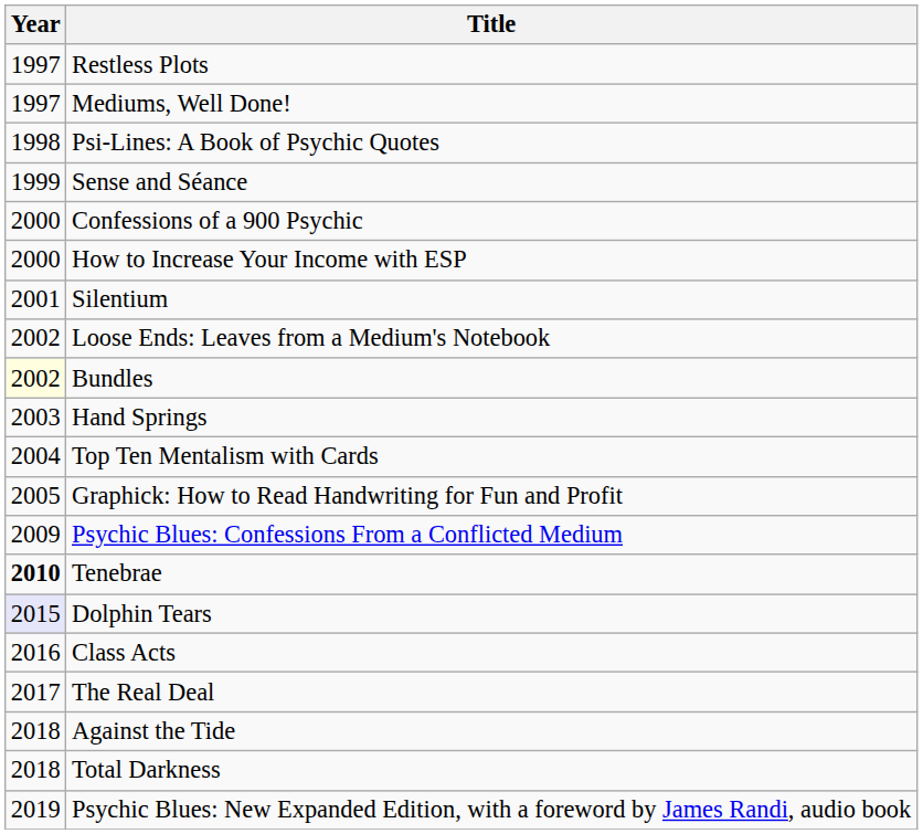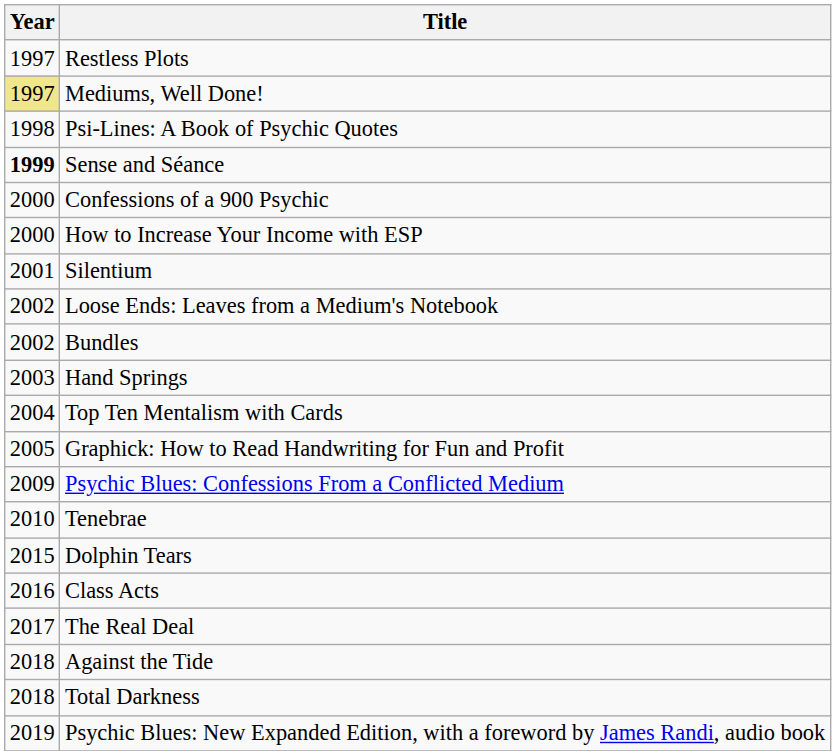 <table class="wikitable">
 <tr>
 <th>Year</th>
 <th>Title</th>
 </tr>
 <tr>
 <td>1997</td>
 <td>Restless Plots</td>
 </tr>
 <tr>
-<td>1997</td>
+<td style="background: khaki;">1997</td>
 <td>Mediums, Well Done!</td>
 </tr>
 <tr>
 <td>1998</td>
 <td>Psi-Lines: A Book of Psychic Quotes</td>
 </tr>
 <tr>
-<td>1999</td>
+<td><strong>1999</strong></td>
 <td>Sense and Séance</td>
 </tr>
 <tr>
 <td>2000</td>
 <td>Confessions of a 900 Psychic</td>
 </tr>
 <tr>
 <td>2000</td>
 <td>How to Increase Your Income with ESP</td>
 </tr>
 <tr>
 <td>2001</td>
 <td>Silentium</td>
 </tr>
 <tr>
 <td>2002</td>
 <td>Loose Ends: Leaves from a Medium's Notebook</td>
 </tr>
 <tr>
-<td style="background: lightyellow;">2002</td>
+<td>2002</td>
 <td>Bundles</td>
 </tr>
 <tr>
 <td>2003</td>
 <td>Hand Springs</td>
 </tr>
 <tr>
 <td>2004</td>
 <td>Top Ten Mentalism with Cards</td>
 </tr>
 <tr>
 <td>2005</td>
 <td>Graphick: How to Read Handwriting for Fun and Profit</td>
 </tr>
 <tr>
 <td>2009</td>
 <td><a href='#'>Psychic Blues: Confessions From a Conflicted Medium</a></td>
 </tr>
 <tr>
-<td><strong>2010</strong></td>
+<td>2010</td>
 <td>Tenebrae</td>
 </tr>
 <tr>
-<td style="background: lavender;">2015</td>
+<td>2015</td>
 <td>Dolphin Tears</td>
 </tr>
 <tr>
 <td>2016</td>
 <td>Class Acts</td>
 </tr>
 <tr>
 <td>2017</td>
 <td>The Real Deal</td>
 </tr>
 <tr>
 <td>2018</td>
 <td>Against the Tide</td>
 </tr>
 <tr>
 <td>2018</td>
 <td>Total Darkness</td>
 </tr>
 <tr>
 <td>2019</td>
 <td>Psychic Blues: New Expanded Edition, with a foreword by <a href='#'>James Randi</a>, audio book</td>
 </tr>
 </table>
